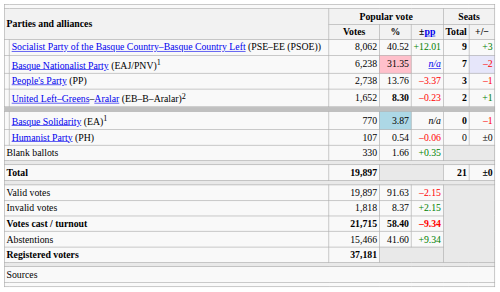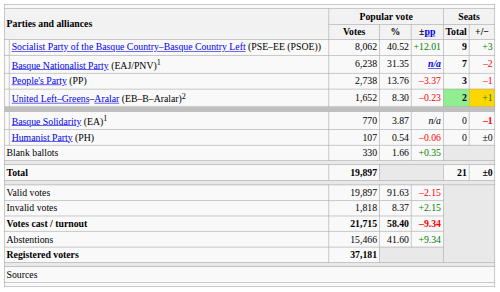 <table class="wikitable" style="text-align:right;">
 <tr>
 <td colspan="7"></td>
 </tr>
 <tr>
 <th style="text-align:left;" rowspan="2" colspan="2" width="525">Parties and alliances</th>
 <th colspan="3">Popular vote</th>
 <th colspan="2">Seats</th>
 </tr>
 <tr>
 <th width="75">Votes</th>
 <th width="45">%</th>
 <th width="45">±<a href='#'>pp</a></th>
 <th width="35">Total</th>
 <th width="35">+/−</th>
 </tr>
 <tr>
 <td width="1" style="color:inherit;background:"></td>
 <td align="left"><a href='#'>Socialist Party of the Basque Country–Basque Country Left</a> (PSE–EE (PSOE))</td>
 <td>8,062</td>
 <td>40.52</td>
 <td style="color:green;">+12.01</td>
 <td><strong>9</strong></td>
 <td style="color:green;">+3</td>
 </tr>
 <tr>
 <td style="color:inherit;background:"></td>
 <td align="left"><a href='#'>Basque Nationalist Party</a> (EAJ/PNV)<sup>1</sup></td>
 <td>6,238</td>
-<td style="background: pink;">31.35</td>
-<td><em><a href='#'>n/a</a></em></td>
+<td>31.35</td>
+<td><strong><em><a href='#'>n/a</a></em></strong></td>
 <td><strong>7</strong></td>
-<td style="background: lavender; color:red;">–2</td>
+<td style="color:red;">–2</td>
 </tr>
 <tr>
 <td style="color:inherit;background:"></td>
 <td align="left"><a href='#'>People's Party</a> (PP)</td>
 <td>2,738</td>
 <td>13.76</td>
 <td style="color:red;">–3.37</td>
 <td><strong>3</strong></td>
 <td style="color:red;">–1</td>
 </tr>
 <tr>
 <td style="color:inherit;background:"></td>
 <td align="left"><a href='#'>United Left–Greens</a>–<a href='#'>Aralar</a> (EB–B–Aralar)<sup>2</sup></td>
 <td>1,652</td>
-<td><strong>8.30</strong></td>
+<td>8.30</td>
 <td style="color:red;">–0.23</td>
-<td><strong>2</strong></td>
-<td style="color:green;">+1</td>
+<td style="background: lightgreen;"><strong>2</strong></td>
+<td style="background: gold; color:green;">+1</td>
 </tr>
 <tr>
 <td colspan="7" bgcolor="#C0C0C0"></td>
 </tr>
 <tr>
 <td style="color:inherit;background:"></td>
 <td align="left"><a href='#'>Basque Solidarity</a> (EA)<sup>1</sup></td>
 <td>770</td>
-<td style="background: lightblue;">3.87</td>
+<td>3.87</td>
 <td><em>n/a</em></td>
-<td><strong>0</strong></td>
-<td style="color:red;">–1</td>
+<td>0</td>
+<td style="color:red;"><strong>–1</strong></td>
 </tr>
 <tr>
 <td style="color:inherit;background:"></td>
 <td align="left"><a href='#'>Humanist Party</a> (PH)</td>
 <td>107</td>
 <td>0.54</td>
 <td style="color:red;">–0.06</td>
 <td>0</td>
 <td>±0</td>
 </tr>
 <tr>
 <td align="left" colspan="2">Blank ballots</td>
 <td>330</td>
 <td>1.66</td>
 <td style="color:green;">+0.35</td>
 <td bgcolor="#E9E9E9" colspan="2"></td>
 </tr>
 <tr>
 <td colspan="7" bgcolor="#E9E9E9"></td>
 </tr>
 <tr style="font-weight:bold;">
 <td align="left" colspan="2">Total</td>
 <td>19,897</td>
 <td bgcolor="#E9E9E9" colspan="2"></td>
 <td>21</td>
 <td>±0</td>
 </tr>
 <tr>
 <td colspan="7" bgcolor="#E9E9E9"></td>
 </tr>
 <tr>
 <td align="left" colspan="2">Valid votes</td>
 <td>19,897</td>
 <td>91.63</td>
 <td style="color:red;">–2.15</td>
 <td bgcolor="#E9E9E9" colspan="2" rowspan="5"></td>
 </tr>
 <tr>
 <td align="left" colspan="2">Invalid votes</td>
 <td>1,818</td>
 <td>8.37</td>
 <td style="color:green;">+2.15</td>
 </tr>
 <tr style="font-weight:bold;">
 <td align="left" colspan="2">Votes cast / turnout</td>
 <td>21,715</td>
 <td>58.40</td>
 <td style="color:red;">–9.34</td>
 </tr>
 <tr>
 <td align="left" colspan="2">Abstentions</td>
 <td>15,466</td>
 <td>41.60</td>
 <td style="color:green;">+9.34</td>
 </tr>
 <tr style="font-weight:bold;">
 <td align="left" colspan="2">Registered voters</td>
 <td>37,181</td>
 <td bgcolor="#E9E9E9" colspan="2"></td>
 </tr>
 <tr>
 <td colspan="7" bgcolor="#E9E9E9"></td>
 </tr>
 <tr>
 <td align="left" colspan="7">Sources</td>
 </tr>
 <tr>
 <td colspan="7" style="text-align:left; max-width:790px;"></td>
 </tr>
 </table>
